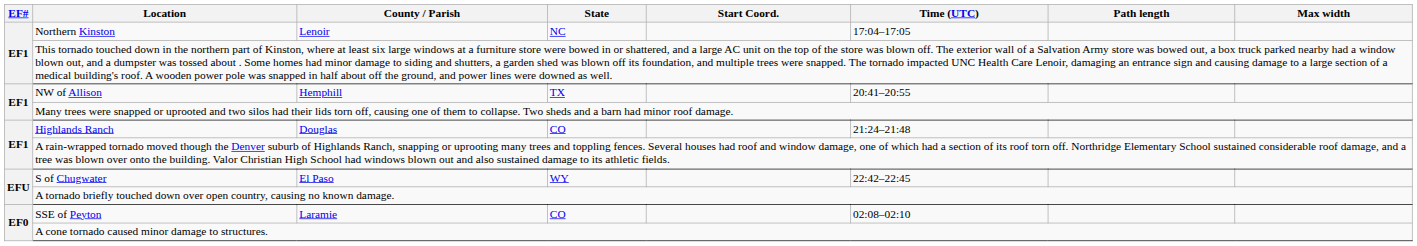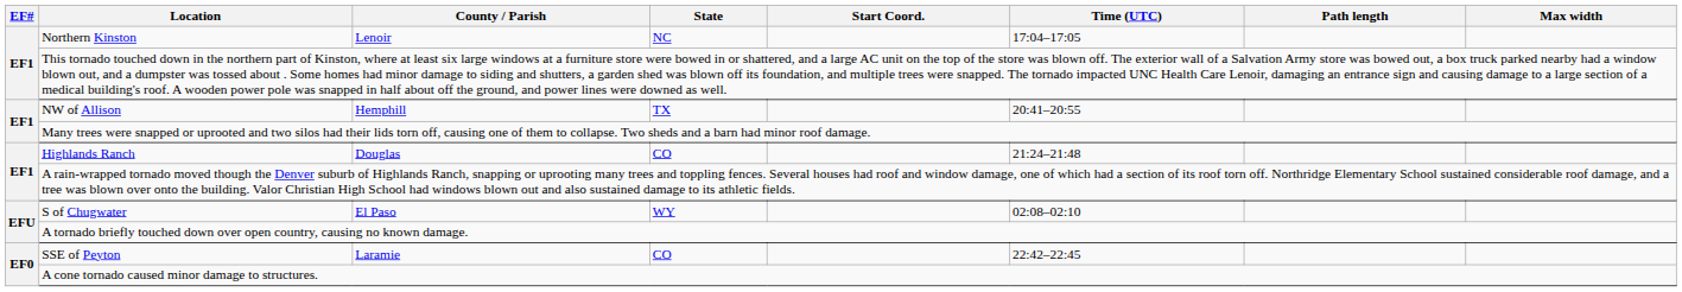 <table class="wikitable sortable" style="width:100%;">
 <tr>
 <th scope="col" width="2%" align="center"><a href='#'>EF#</a></th>
 <th scope="col" align="center" class="unsortable">Location</th>
 <th scope="col" align="center" class="unsortable">County / Parish</th>
 <th scope="col" align="center">State</th>
 <th scope="col" align="center">Start Coord.</th>
 <th scope="col" align="center">Time (<a href='#'>UTC</a>)</th>
 <th scope="col" align="center">Path length</th>
 <th scope="col" align="center">Max width</th>
 </tr>
 <tr>
 <th scope="row" rowspan="2" style="background-color:#">EF1</th>
 <td>Northern <a href='#'>Kinston</a></td>
 <td><a href='#'>Lenoir</a></td>
 <td><a href='#'>NC</a></td>
 <td></td>
 <td>17:04–17:05</td>
 <td></td>
 <td></td>
 </tr>
 <tr class="expand-child">
 <td colspan="7" style=" border-bottom: 1px solid black;">This tornado touched down in the northern part of Kinston, where at least six large windows at a furniture store were bowed in or shattered, and a large AC unit on the top of the store was blown off. The exterior wall of a Salvation Army store was bowed out, a box truck parked nearby had a window blown out, and a dumpster was tossed about . Some homes had minor damage to siding and shutters, a garden shed was blown off its foundation, and multiple trees were snapped. The tornado impacted UNC Health Care Lenoir, damaging an entrance sign and causing damage to a large section of a medical building's roof.  A wooden power pole was snapped in half about  off the ground, and power lines were downed as well.</td>
 </tr>
 <tr>
 <th scope="row" rowspan="2" style="background-color:#">EF1</th>
 <td>NW of <a href='#'>Allison</a></td>
 <td><a href='#'>Hemphill</a></td>
 <td><a href='#'>TX</a></td>
 <td></td>
 <td>20:41–20:55</td>
 <td></td>
 <td></td>
 </tr>
 <tr class="expand-child">
 <td colspan="7" style=" border-bottom: 1px solid black;">Many trees were snapped or uprooted and two silos had their lids torn off, causing one of them to collapse. Two sheds and a barn had minor roof damage.</td>
 </tr>
 <tr>
 <th scope="row" rowspan="2" style="background-color:#">EF1</th>
 <td><a href='#'>Highlands Ranch</a></td>
 <td><a href='#'>Douglas</a></td>
 <td><a href='#'>CO</a></td>
 <td></td>
 <td>21:24–21:48</td>
 <td></td>
 <td></td>
 </tr>
 <tr class="expand-child">
 <td colspan="7" style=" border-bottom: 1px solid black;">A rain-wrapped tornado moved though the <a href='#'>Denver</a> suburb of Highlands Ranch, snapping or uprooting many trees and toppling fences. Several houses had roof and window damage, one of which had a section of its roof torn off. Northridge Elementary School sustained considerable roof damage, and a tree was blown over onto the building. Valor Christian High School had windows blown out and also sustained damage to its athletic fields.</td>
 </tr>
 <tr>
 <th scope="row" rowspan="2" style="background-color:#">EFU</th>
 <td>S of <a href='#'>Chugwater</a></td>
 <td><a href='#'>El Paso</a></td>
 <td><a href='#'>WY</a></td>
 <td></td>
-<td>22:42–22:45</td>
+<td>02:08–02:10</td>
 <td></td>
 <td></td>
 </tr>
 <tr class="expand-child">
 <td colspan="7" style=" border-bottom: 1px solid black;">A tornado briefly touched down over open country, causing no known damage.</td>
 </tr>
 <tr>
 <th scope="row" rowspan="2" style="background-color:#">EF0</th>
 <td>SSE of <a href='#'>Peyton</a></td>
 <td><a href='#'>Laramie</a></td>
 <td><a href='#'>CO</a></td>
 <td></td>
-<td>02:08–02:10</td>
+<td>22:42–22:45</td>
 <td></td>
 <td></td>
 </tr>
 <tr class="expand-child">
 <td colspan="7" style=" border-bottom: 1px solid black;">A cone tornado caused minor damage to structures.</td>
 </tr>
 </table>
